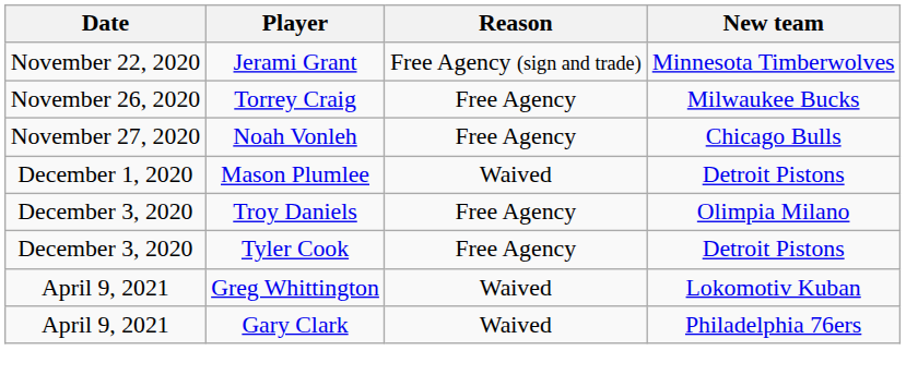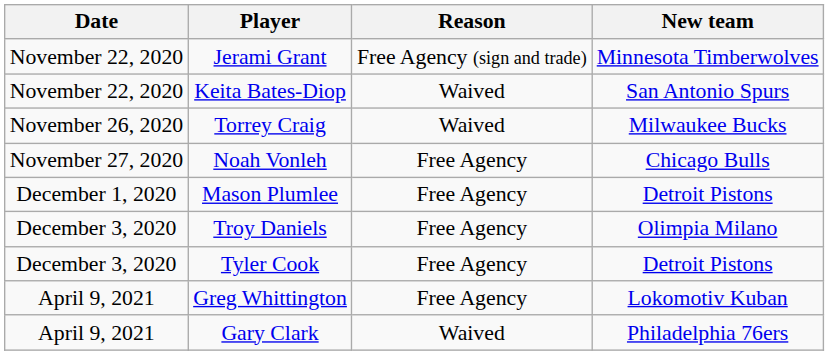 <table class="wikitable sortable sortable" style="text-align: center">
 <tr>
 <th>Date</th>
 <th>Player</th>
 <th>Reason</th>
 <th>New team</th>
 </tr>
 <tr style="text-align: center">
 <td>November 22, 2020</td>
 <td><a href='#'>Jerami Grant</a></td>
 <td>Free Agency <small>(sign and trade)</small></td>
 <td><a href='#'>Minnesota Timberwolves</a></td>
 </tr>
 <tr style="text-align: center">
+<td>November 22, 2020</td>
+<td><a href='#'>Keita Bates-Diop</a></td>
+<td>Waived</td>
+<td><a href='#'>San Antonio Spurs</a></td>
+</tr>
+<tr style="text-align: center">
 <td>November 26, 2020</td>
 <td><a href='#'>Torrey Craig</a></td>
-<td>Free Agency</td>
+<td>Waived</td>
 <td><a href='#'>Milwaukee Bucks</a></td>
 </tr>
 <tr style="text-align: center">
 <td>November 27, 2020</td>
 <td><a href='#'>Noah Vonleh</a></td>
 <td>Free Agency</td>
 <td><a href='#'>Chicago Bulls</a></td>
 </tr>
 <tr style="text-align: center">
 <td>December 1, 2020</td>
 <td><a href='#'>Mason Plumlee</a></td>
-<td>Waived</td>
+<td>Free Agency</td>
 <td><a href='#'>Detroit Pistons</a></td>
 </tr>
 <tr style="text-align: center">
 <td>December 3, 2020</td>
 <td><a href='#'>Troy Daniels</a></td>
 <td>Free Agency</td>
 <td> <a href='#'>Olimpia Milano</a></td>
 </tr>
 <tr style="text-align: center">
 <td>December 3, 2020</td>
 <td><a href='#'>Tyler Cook</a></td>
 <td>Free Agency</td>
 <td><a href='#'>Detroit Pistons</a></td>
 </tr>
 <tr style="text-align: center">
 <td>April 9, 2021</td>
 <td><a href='#'>Greg Whittington</a></td>
-<td>Waived</td>
+<td>Free Agency</td>
 <td> <a href='#'>Lokomotiv Kuban</a></td>
 </tr>
 <tr style="text-align: center">
 <td>April 9, 2021</td>
 <td><a href='#'>Gary Clark</a></td>
 <td>Waived</td>
 <td><a href='#'>Philadelphia 76ers</a></td>
 </tr>
 </table>
